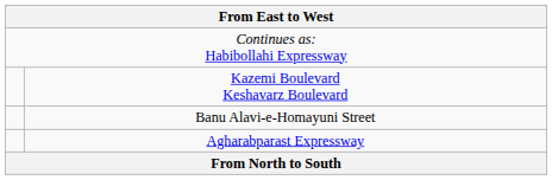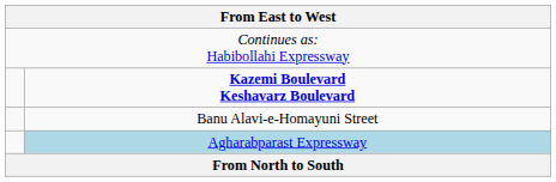 <table class="wikitable" style="text-align:center" width="600px">
 <tr>
 <th text-align="center" colspan="3"> From East to West </th>
 </tr>
 <tr>
 <td colspan="7" align="center"><em>Continues as:</em><br> <a href='#'>Habibollahi Expressway</a></td>
 </tr>
 <tr>
 <td><br></td>
-<td> <a href='#'>Kazemi Boulevard</a><br> <a href='#'>Keshavarz Boulevard</a></td>
+<td><strong> <a href='#'>Kazemi Boulevard</a><br> <a href='#'>Keshavarz Boulevard</a></strong></td>
 </tr>
 <tr>
 <td></td>
 <td> Banu Alavi-e-Homayuni Street</td>
 </tr>
 <tr>
 <td><br></td>
-<td> <a href='#'>Agharabparast Expressway</a></td>
+<td style="background: lightblue;"> <a href='#'>Agharabparast Expressway</a></td>
 </tr>
 <tr>
 <th text-align="center" colspan="3"> From North to South </th>
 </tr>
 </table>
